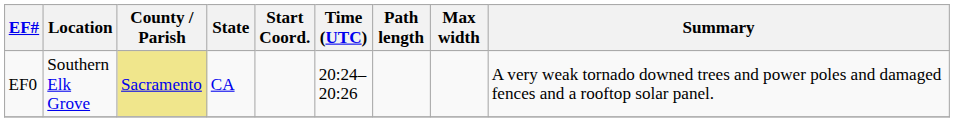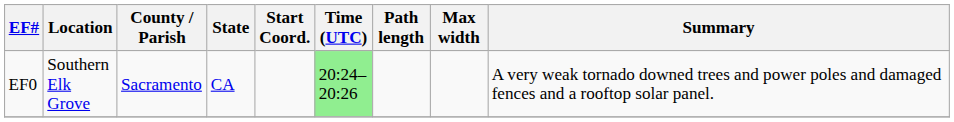 <table class="wikitable sortable" style="width:100%;">
 <tr>
 <th scope="col"  style="width:3%; text-align:center;"><a href='#'>EF#</a></th>
 <th scope="col"  style="width:7%; text-align:center;" class="unsortable">Location</th>
 <th scope="col"  style="width:6%; text-align:center;" class="unsortable">County / Parish</th>
 <th scope="col"  style="width:5%; text-align:center;">State</th>
 <th scope="col"  style="width:6%; text-align:center;">Start Coord.</th>
 <th scope="col"  style="width:6%; text-align:center;">Time (<a href='#'>UTC</a>)</th>
 <th scope="col"  style="width:6%; text-align:center;">Path length</th>
 <th scope="col"  style="width:6%; text-align:center;">Max width</th>
 <th scope="col" class="unsortable" style="width:48%; text-align:center;">Summary</th>
 </tr>
 <tr>
 <td>EF0</td>
 <td>Southern <a href='#'>Elk Grove</a></td>
-<td style="background: khaki;"><a href='#'>Sacramento</a></td>
+<td><a href='#'>Sacramento</a></td>
 <td><a href='#'>CA</a></td>
 <td></td>
-<td>20:24–20:26</td>
+<td style="background: lightgreen;">20:24–20:26</td>
 <td></td>
 <td></td>
 <td>A very weak tornado downed trees and power poles and damaged fences and a rooftop solar panel.</td>
 </tr>
 <tr>
 </tr>
 </table>
